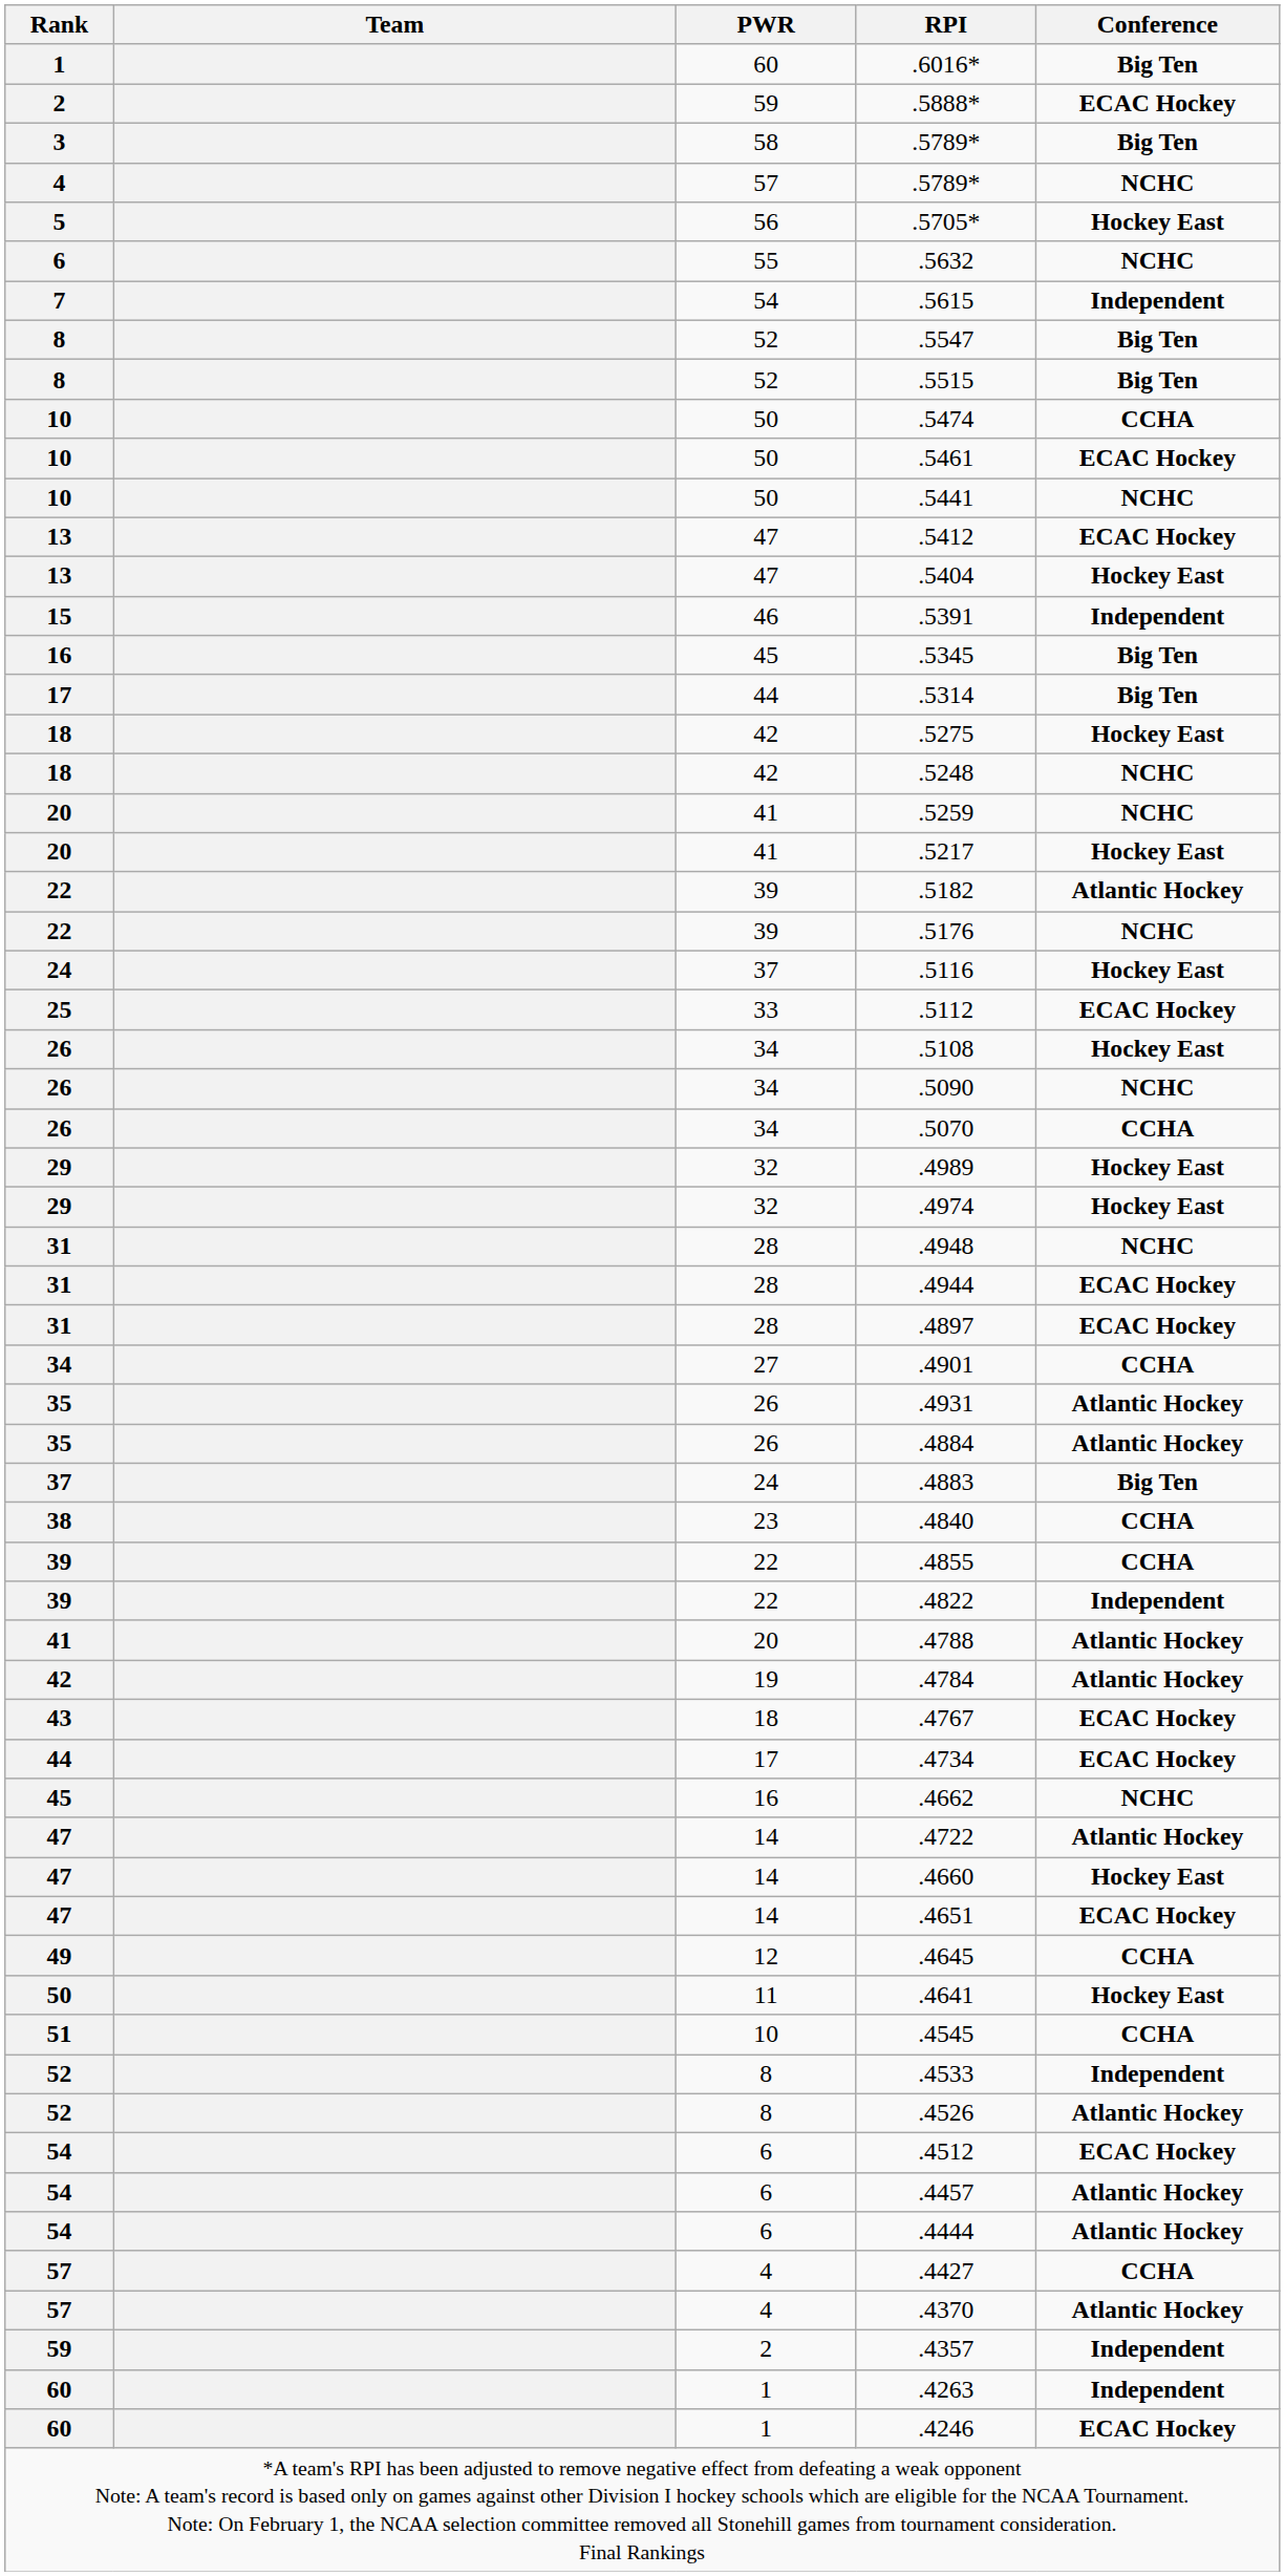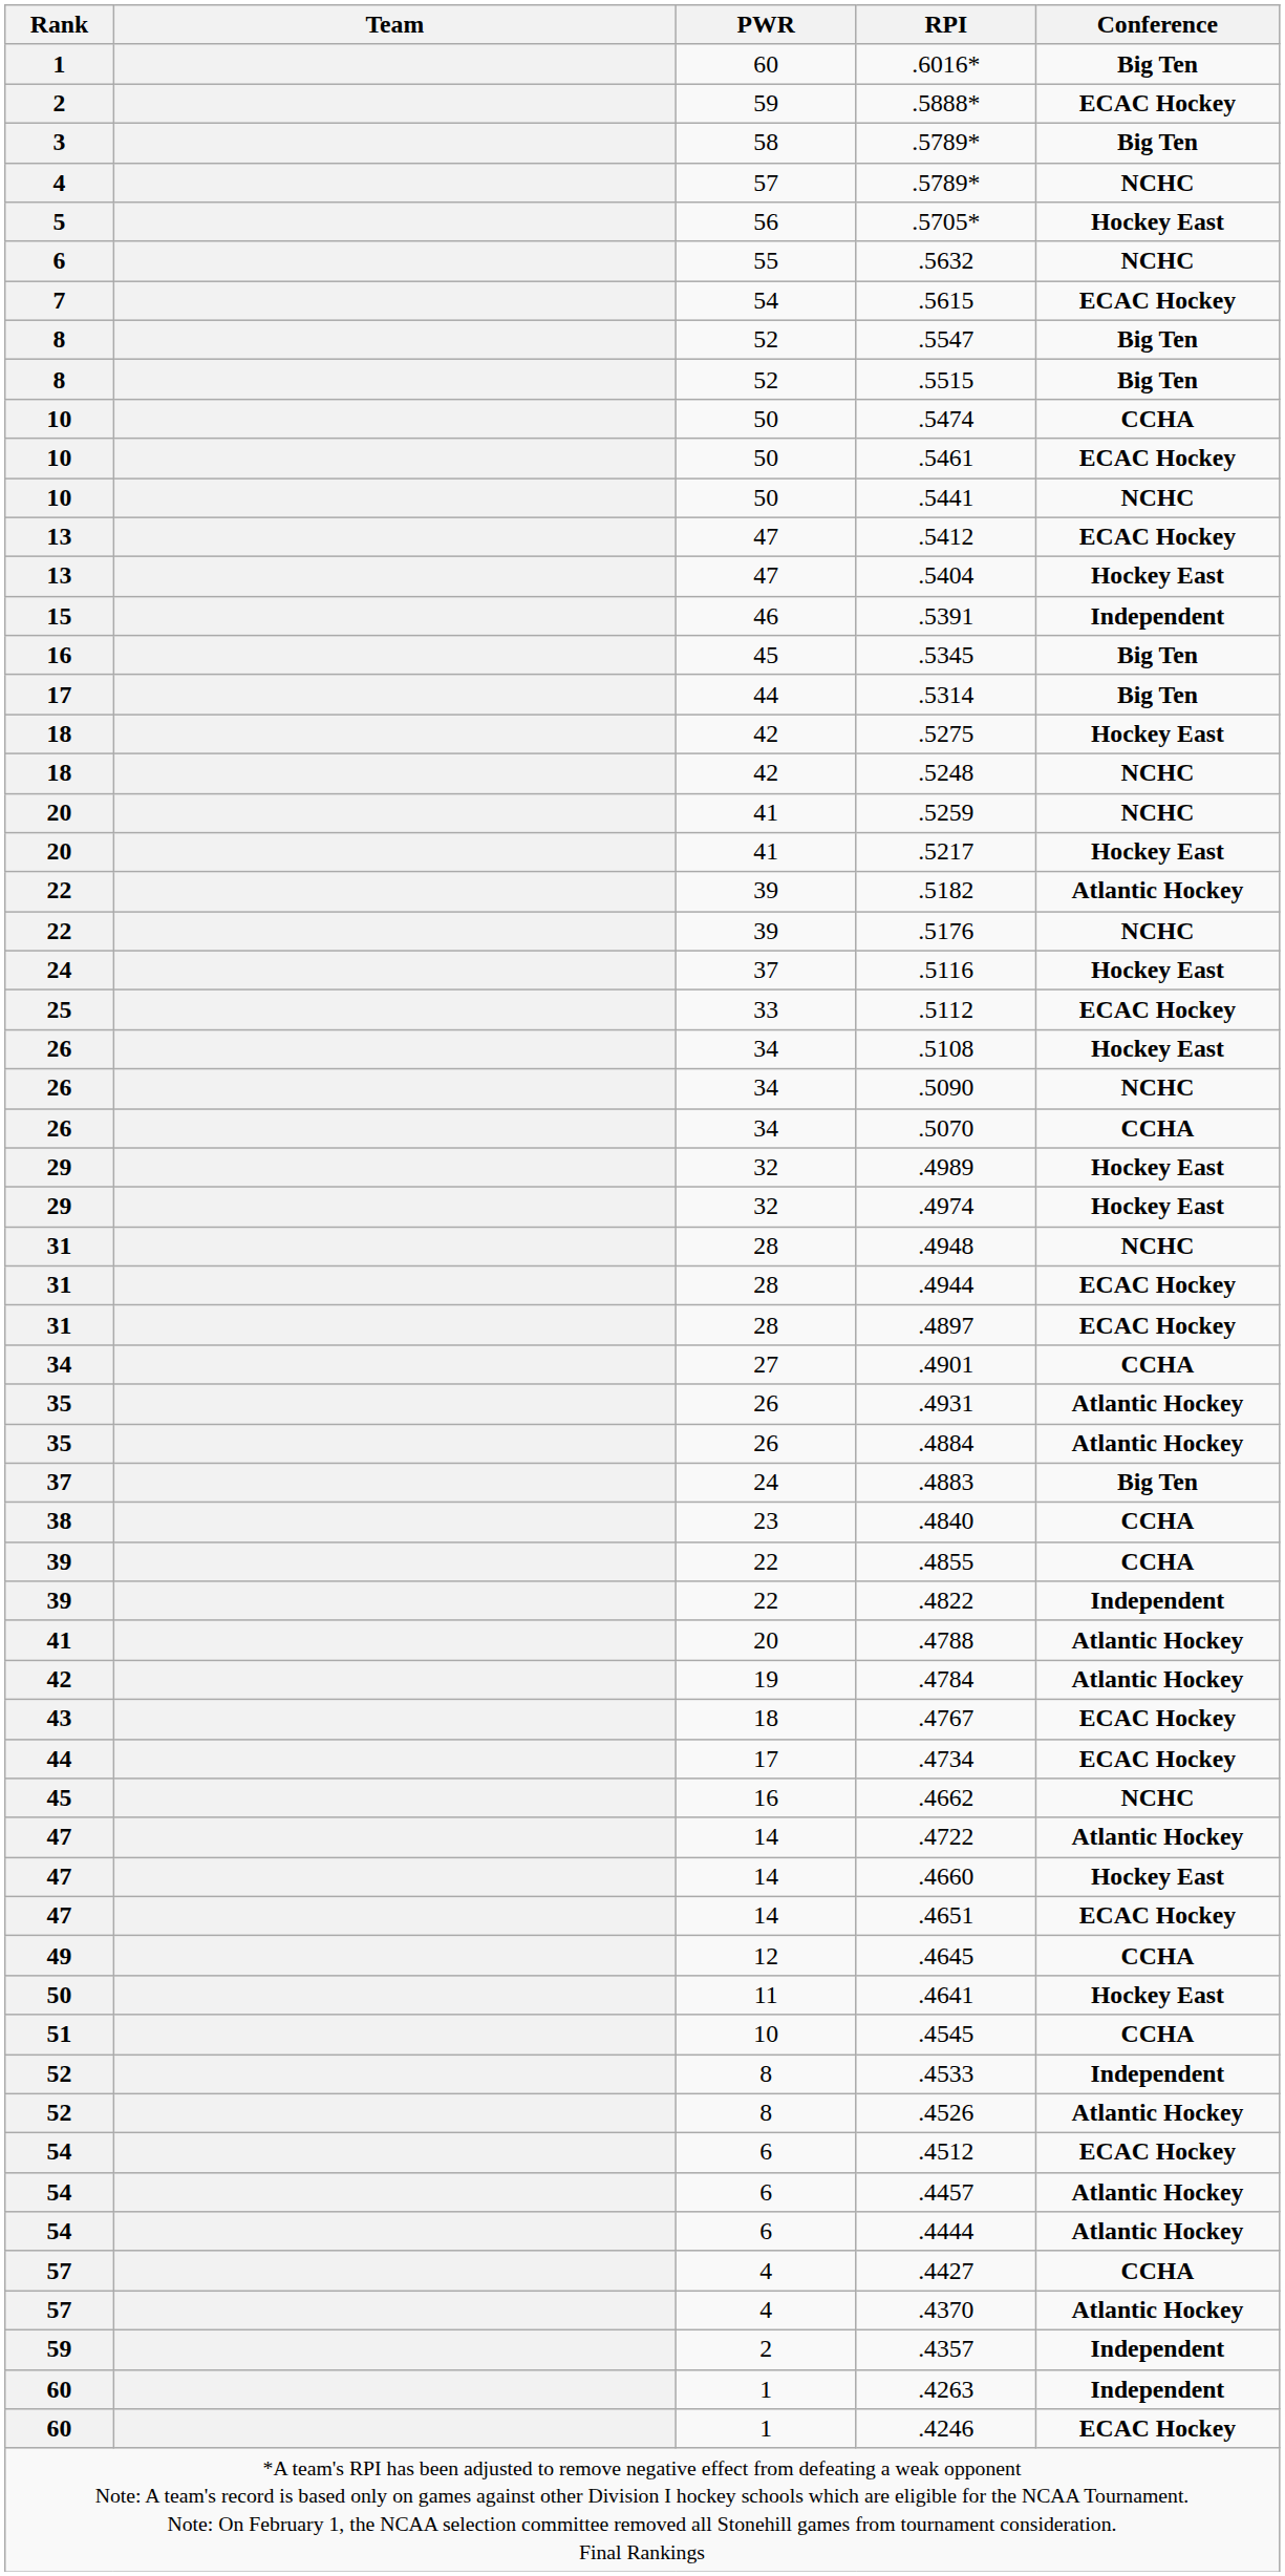 <table class="wikitable sortable" style="text-align: center;" width=65%>
 <tr>
 <th ! width="4%">Rank</th>
 <th ! width="25%">Team</th>
 <th ! width="8%">PWR</th>
 <th ! width="8%">RPI</th>
 <th ! width="10%">Conference</th>
 </tr>
 <tr>
 <th>1</th>
 <th align=center><strong><a href='#'></a></strong></th>
 <td>60</td>
 <td>.6016*</td>
 <td><strong>Big Ten</strong></td>
 </tr>
 <tr>
 <th>2</th>
 <th align=center><strong><a href='#'></a></strong></th>
 <td>59</td>
 <td>.5888*</td>
 <td><strong>ECAC Hockey</strong></td>
 </tr>
 <tr>
 <th>3</th>
 <th align=center><strong><a href='#'></a></strong></th>
 <td>58</td>
 <td>.5789*</td>
 <td><strong>Big Ten</strong></td>
 </tr>
 <tr>
 <th>4</th>
 <th align=center><strong><a href='#'></a></strong></th>
 <td>57</td>
 <td>.5789*</td>
 <td><strong>NCHC</strong></td>
 </tr>
 <tr>
 <th>5</th>
 <th align=center><strong><a href='#'></a></strong></th>
 <td>56</td>
 <td>.5705*</td>
 <td><strong>Hockey East</strong></td>
 </tr>
 <tr>
 <th>6</th>
 <th align=center><strong><a href='#'></a></strong></th>
 <td>55</td>
 <td>.5632</td>
 <td><strong>NCHC</strong></td>
 </tr>
 <tr>
 <th>7</th>
 <th align=center><strong><a href='#'></a></strong></th>
 <td>54</td>
 <td>.5615</td>
-<td><strong>Independent</strong></td>
+<td><strong>ECAC Hockey</strong></td>
 </tr>
 <tr>
 <th>8</th>
 <th align=center><strong><a href='#'></a></strong></th>
 <td>52</td>
 <td>.5547</td>
 <td><strong>Big Ten</strong></td>
 </tr>
 <tr>
 <th>8</th>
 <th align=center><strong><a href='#'></a></strong></th>
 <td>52</td>
 <td>.5515</td>
 <td><strong>Big Ten</strong></td>
 </tr>
 <tr>
 <th>10</th>
 <th align=center><strong><a href='#'></a></strong></th>
 <td>50</td>
 <td>.5474</td>
 <td><strong>CCHA</strong></td>
 </tr>
 <tr>
 <th>10</th>
 <th align=center><strong><a href='#'></a></strong></th>
 <td>50</td>
 <td>.5461</td>
 <td><strong>ECAC Hockey</strong></td>
 </tr>
 <tr>
 <th>10</th>
 <th align=center><strong><a href='#'></a></strong></th>
 <td>50</td>
 <td>.5441</td>
 <td><strong>NCHC</strong></td>
 </tr>
 <tr>
 <th>13</th>
 <th align=center><strong><a href='#'></a></strong></th>
 <td>47</td>
 <td>.5412</td>
 <td><strong>ECAC Hockey</strong></td>
 </tr>
 <tr>
 <th>13</th>
 <th align=center><strong><a href='#'></a></strong></th>
 <td>47</td>
 <td>.5404</td>
 <td><strong>Hockey East</strong></td>
 </tr>
 <tr>
 <th>15</th>
 <th align=center><strong><a href='#'></a></strong></th>
 <td>46</td>
 <td>.5391</td>
 <td><strong>Independent</strong></td>
 </tr>
 <tr>
 <th>16</th>
 <th align=center><strong><a href='#'></a></strong></th>
 <td>45</td>
 <td>.5345</td>
 <td><strong>Big Ten</strong></td>
 </tr>
 <tr>
 <th>17</th>
 <th align=center><strong><a href='#'></a></strong></th>
 <td>44</td>
 <td>.5314</td>
 <td><strong>Big Ten</strong></td>
 </tr>
 <tr>
 <th>18</th>
 <th align=center><strong><a href='#'></a></strong></th>
 <td>42</td>
 <td>.5275</td>
 <td><strong>Hockey East</strong></td>
 </tr>
 <tr>
 <th>18</th>
 <th align=center><strong><a href='#'></a></strong></th>
 <td>42</td>
 <td>.5248</td>
 <td><strong>NCHC</strong></td>
 </tr>
 <tr>
 <th>20</th>
 <th align=center><strong><a href='#'></a></strong></th>
 <td>41</td>
 <td>.5259</td>
 <td><strong>NCHC</strong></td>
 </tr>
 <tr>
 <th>20</th>
 <th align=center><strong><a href='#'></a></strong></th>
 <td>41</td>
 <td>.5217</td>
 <td><strong>Hockey East</strong></td>
 </tr>
 <tr>
 <th>22</th>
 <th align=center><strong><a href='#'></a></strong></th>
 <td>39</td>
 <td>.5182</td>
 <td><strong>Atlantic Hockey</strong></td>
 </tr>
 <tr>
 <th>22</th>
 <th align=center><strong><a href='#'></a></strong></th>
 <td>39</td>
 <td>.5176</td>
 <td><strong>NCHC</strong></td>
 </tr>
 <tr>
 <th>24</th>
 <th align=center><strong><a href='#'></a></strong></th>
 <td>37</td>
 <td>.5116</td>
 <td><strong>Hockey East</strong></td>
 </tr>
 <tr>
 <th>25</th>
 <th align=center><strong><a href='#'></a></strong></th>
 <td>33</td>
 <td>.5112</td>
 <td><strong>ECAC Hockey</strong></td>
 </tr>
 <tr>
 <th>26</th>
 <th align=center><strong><a href='#'></a></strong></th>
 <td>34</td>
 <td>.5108</td>
 <td><strong>Hockey East</strong></td>
 </tr>
 <tr>
 <th>26</th>
 <th align=center><strong><a href='#'></a></strong></th>
 <td>34</td>
 <td>.5090</td>
 <td><strong>NCHC</strong></td>
 </tr>
 <tr>
 <th>26</th>
 <th align=center><strong><a href='#'></a></strong></th>
 <td>34</td>
 <td>.5070</td>
 <td><strong>CCHA</strong></td>
 </tr>
 <tr>
 <th>29</th>
 <th align=center><strong><a href='#'></a></strong></th>
 <td>32</td>
 <td>.4989</td>
 <td><strong>Hockey East</strong></td>
 </tr>
 <tr>
 <th>29</th>
 <th align=center><strong><a href='#'></a></strong></th>
 <td>32</td>
 <td>.4974</td>
 <td><strong>Hockey East</strong></td>
 </tr>
 <tr>
 <th>31</th>
 <th align=center><strong><a href='#'></a></strong></th>
 <td>28</td>
 <td>.4948</td>
 <td><strong>NCHC</strong></td>
 </tr>
 <tr>
 <th>31</th>
 <th align=center><strong><a href='#'></a></strong></th>
 <td>28</td>
 <td>.4944</td>
 <td><strong>ECAC Hockey</strong></td>
 </tr>
 <tr>
 <th>31</th>
 <th align=center><strong><a href='#'></a></strong></th>
 <td>28</td>
 <td>.4897</td>
 <td><strong>ECAC Hockey</strong></td>
 </tr>
 <tr>
 <th>34</th>
 <th align=center><strong><a href='#'></a></strong></th>
 <td>27</td>
 <td>.4901</td>
 <td><strong>CCHA</strong></td>
 </tr>
 <tr>
 <th>35</th>
 <th align=center><strong><a href='#'></a></strong></th>
 <td>26</td>
 <td>.4931</td>
 <td><strong>Atlantic Hockey</strong></td>
 </tr>
 <tr>
 <th>35</th>
 <th align=center><strong><a href='#'></a></strong></th>
 <td>26</td>
 <td>.4884</td>
 <td><strong>Atlantic Hockey</strong></td>
 </tr>
 <tr>
 <th>37</th>
 <th align=center><strong><a href='#'></a></strong></th>
 <td>24</td>
 <td>.4883</td>
 <td><strong>Big Ten</strong></td>
 </tr>
 <tr>
 <th>38</th>
 <th align=center><strong><a href='#'></a></strong></th>
 <td>23</td>
 <td>.4840</td>
 <td><strong>CCHA</strong></td>
 </tr>
 <tr>
 <th>39</th>
 <th align=center><strong><a href='#'></a></strong></th>
 <td>22</td>
 <td>.4855</td>
 <td><strong>CCHA</strong></td>
 </tr>
 <tr>
 <th>39</th>
 <th align=center><strong><a href='#'></a></strong></th>
 <td>22</td>
 <td>.4822</td>
 <td><strong>Independent</strong></td>
 </tr>
 <tr>
 <th>41</th>
 <th align=center><strong><a href='#'></a></strong></th>
 <td>20</td>
 <td>.4788</td>
 <td><strong>Atlantic Hockey</strong></td>
 </tr>
 <tr>
 <th>42</th>
 <th align=center><strong><a href='#'></a></strong></th>
 <td>19</td>
 <td>.4784</td>
 <td><strong>Atlantic Hockey</strong></td>
 </tr>
 <tr>
 <th>43</th>
 <th align=center><strong><a href='#'></a></strong></th>
 <td>18</td>
 <td>.4767</td>
 <td><strong>ECAC Hockey</strong></td>
 </tr>
 <tr>
 <th>44</th>
 <th align=center><strong><a href='#'></a></strong></th>
 <td>17</td>
 <td>.4734</td>
 <td><strong>ECAC Hockey</strong></td>
 </tr>
 <tr>
 <th>45</th>
 <th align=center><strong><a href='#'></a></strong></th>
 <td>16</td>
 <td>.4662</td>
 <td><strong>NCHC</strong></td>
 </tr>
 <tr>
 <th>47</th>
 <th align=center><strong><a href='#'></a></strong></th>
 <td>14</td>
 <td>.4722</td>
 <td><strong>Atlantic Hockey</strong></td>
 </tr>
 <tr>
 <th>47</th>
 <th align=center><strong><a href='#'></a></strong></th>
 <td>14</td>
 <td>.4660</td>
 <td><strong>Hockey East</strong></td>
 </tr>
 <tr>
 <th>47</th>
 <th align=center><strong><a href='#'></a></strong></th>
 <td>14</td>
 <td>.4651</td>
 <td><strong>ECAC Hockey</strong></td>
 </tr>
 <tr>
 <th>49</th>
 <th align=center><strong><a href='#'></a></strong></th>
 <td>12</td>
 <td>.4645</td>
 <td><strong>CCHA</strong></td>
 </tr>
 <tr>
 <th>50</th>
 <th align=center><strong><a href='#'></a></strong></th>
 <td>11</td>
 <td>.4641</td>
 <td><strong>Hockey East</strong></td>
 </tr>
 <tr>
 <th>51</th>
 <th align=center><strong><a href='#'></a></strong></th>
 <td>10</td>
 <td>.4545</td>
 <td><strong>CCHA</strong></td>
 </tr>
 <tr>
 <th>52</th>
 <th align=center><strong><a href='#'></a></strong></th>
 <td>8</td>
 <td>.4533</td>
 <td><strong>Independent</strong></td>
 </tr>
 <tr>
 <th>52</th>
 <th align=center><strong><a href='#'></a></strong></th>
 <td>8</td>
 <td>.4526</td>
 <td><strong>Atlantic Hockey</strong></td>
 </tr>
 <tr>
 <th>54</th>
 <th align=center><strong><a href='#'></a></strong></th>
 <td>6</td>
 <td>.4512</td>
 <td><strong>ECAC Hockey</strong></td>
 </tr>
 <tr>
 <th>54</th>
 <th align=center><strong><a href='#'></a></strong></th>
 <td>6</td>
 <td>.4457</td>
 <td><strong>Atlantic Hockey</strong></td>
 </tr>
 <tr>
 <th>54</th>
 <th align=center><strong><a href='#'></a></strong></th>
 <td>6</td>
 <td>.4444</td>
 <td><strong>Atlantic Hockey</strong></td>
 </tr>
 <tr>
 <th>57</th>
 <th align=center><strong><a href='#'></a></strong></th>
 <td>4</td>
 <td>.4427</td>
 <td><strong>CCHA</strong></td>
 </tr>
 <tr>
 <th>57</th>
 <th align=center><strong><a href='#'></a></strong></th>
 <td>4</td>
 <td>.4370</td>
 <td><strong>Atlantic Hockey</strong></td>
 </tr>
 <tr>
 <th>59</th>
 <th align=center><strong><a href='#'></a></strong></th>
 <td>2</td>
 <td>.4357</td>
 <td><strong>Independent</strong></td>
 </tr>
 <tr>
 <th>60</th>
 <th align=center><strong><a href='#'></a></strong></th>
 <td>1</td>
 <td>.4263</td>
 <td><strong>Independent</strong></td>
 </tr>
 <tr>
 <th>60</th>
 <th align=center><strong><a href='#'></a></strong></th>
 <td>1</td>
 <td>.4246</td>
 <td><strong>ECAC Hockey</strong></td>
 </tr>
 <tr class="sortbottom">
 <td colspan=5 style="text-align:center;"><small> *A team's RPI has been adjusted to remove negative effect from defeating a weak opponent <br> Note: A team's record is based only on games against other Division I hockey schools which are eligible for the NCAA Tournament.</small><br><small>Note: On February 1, the NCAA selection committee removed all Stonehill games from tournament consideration.</small><br><small>Final Rankings</small></td>
 </tr>
 </table>
